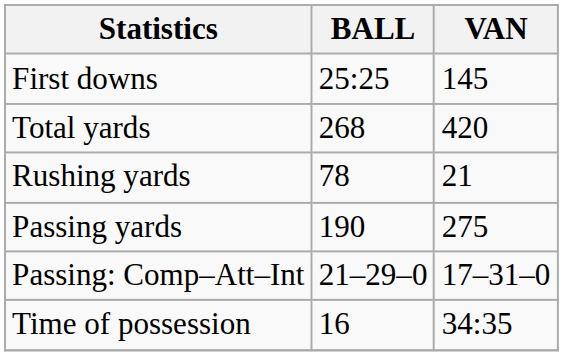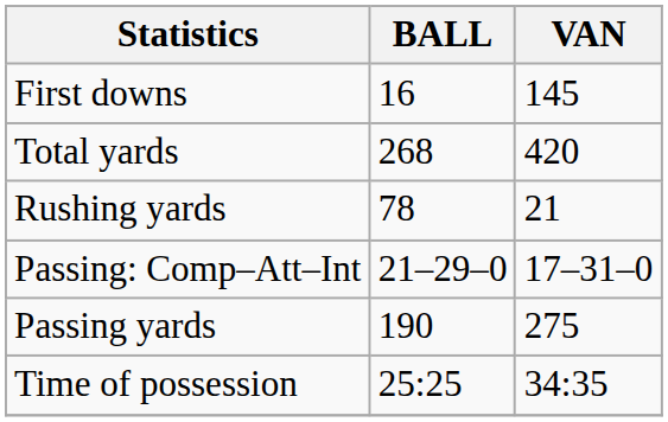 <table class="wikitable" style="float: left;">
 <tr>
 <th>Statistics</th>
 <th>BALL</th>
 <th>VAN</th>
 </tr>
 <tr>
 <td>First downs</td>
-<td>25:25</td>
+<td>16</td>
 <td>145</td>
 </tr>
 <tr>
 <td>Total yards</td>
 <td>268</td>
 <td>420</td>
 </tr>
 <tr>
 <td>Rushing yards</td>
 <td>78</td>
 <td>21</td>
 </tr>
 <tr>
+<td>Passing: Comp–Att–Int</td>
+<td>21–29–0</td>
+<td>17–31–0</td>
+</tr>
+<tr>
 <td>Passing yards</td>
 <td>190</td>
 <td>275</td>
 </tr>
 <tr>
-<td>Passing: Comp–Att–Int</td>
-<td>21–29–0</td>
-<td>17–31–0</td>
-</tr>
-<tr>
 <td>Time of possession</td>
-<td>16</td>
+<td>25:25</td>
 <td>34:35</td>
 </tr>
 <tr>
 </tr>
 </table>
